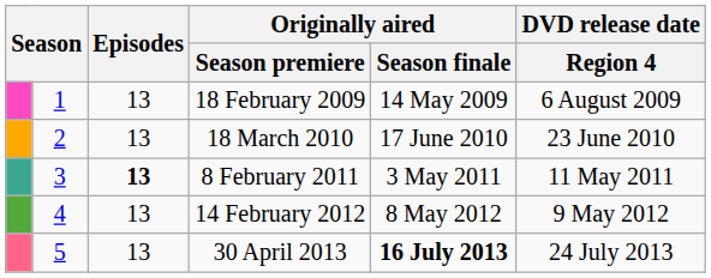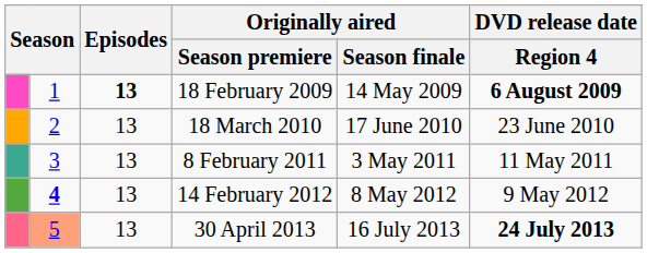 <table class="wikitable plainrowheaders"  style="text-align:center;">
 <tr>
 <th scope=col colspan="2" rowspan="2">Season</th>
 <th scope=col rowspan="2">Episodes</th>
 <th scope=col colspan="2">Originally aired</th>
 <th scope=col colspan="1">DVD release date</th>
 </tr>
 <tr>
 <th>Season premiere</th>
 <th>Season finale</th>
 <th>Region 4</th>
 </tr>
 <tr>
 <td bgcolor="#FF4AC3" height="10px"></td>
 <td align="center"><a href='#'>1</a></td>
-<td align="center">13</td>
+<td align="center"><strong>13</strong></td>
 <td align="center">18 February 2009</td>
 <td align="center">14 May 2009</td>
-<td align="center">6 August 2009</td>
+<td align="center"><strong>6 August 2009</strong></td>
 </tr>
 <tr>
 <td bgcolor="#ffa800" height="10px"></td>
 <td align="center"><a href='#'>2</a></td>
 <td align="center">13</td>
 <td align="center">18 March 2010</td>
 <td align="center">17 June 2010</td>
 <td align="center">23 June 2010</td>
 </tr>
 <tr>
 <td bgcolor="#3BA991" height="10px"></td>
 <td align="center"><a href='#'>3</a></td>
-<td align="center"><strong>13</strong></td>
+<td align="center">13</td>
 <td align="center">8 February 2011</td>
 <td align="center">3 May 2011</td>
 <td align="center">11 May 2011</td>
 </tr>
 <tr>
 <td bgcolor="#53A93B" height="10px"></td>
-<td align="center"><a href='#'>4</a></td>
+<td align="center"><strong><a href='#'>4</a></strong></td>
 <td align="center">13</td>
 <td align="center">14 February 2012</td>
 <td align="center">8 May 2012</td>
 <td align="center">9 May 2012</td>
 </tr>
 <tr>
 <td bgcolor="#FF6588" height="10px"></td>
-<td align="center"><a href='#'>5</a></td>
+<td align="center" style="background: lightsalmon;"><a href='#'>5</a></td>
 <td align="center">13</td>
 <td align="center">30 April 2013</td>
-<td align="center"><strong>16 July 2013</strong></td>
-<td align="center">24 July 2013</td>
+<td align="center">16 July 2013</td>
+<td align="center"><strong>24 July 2013</strong></td>
 </tr>
 </table>
